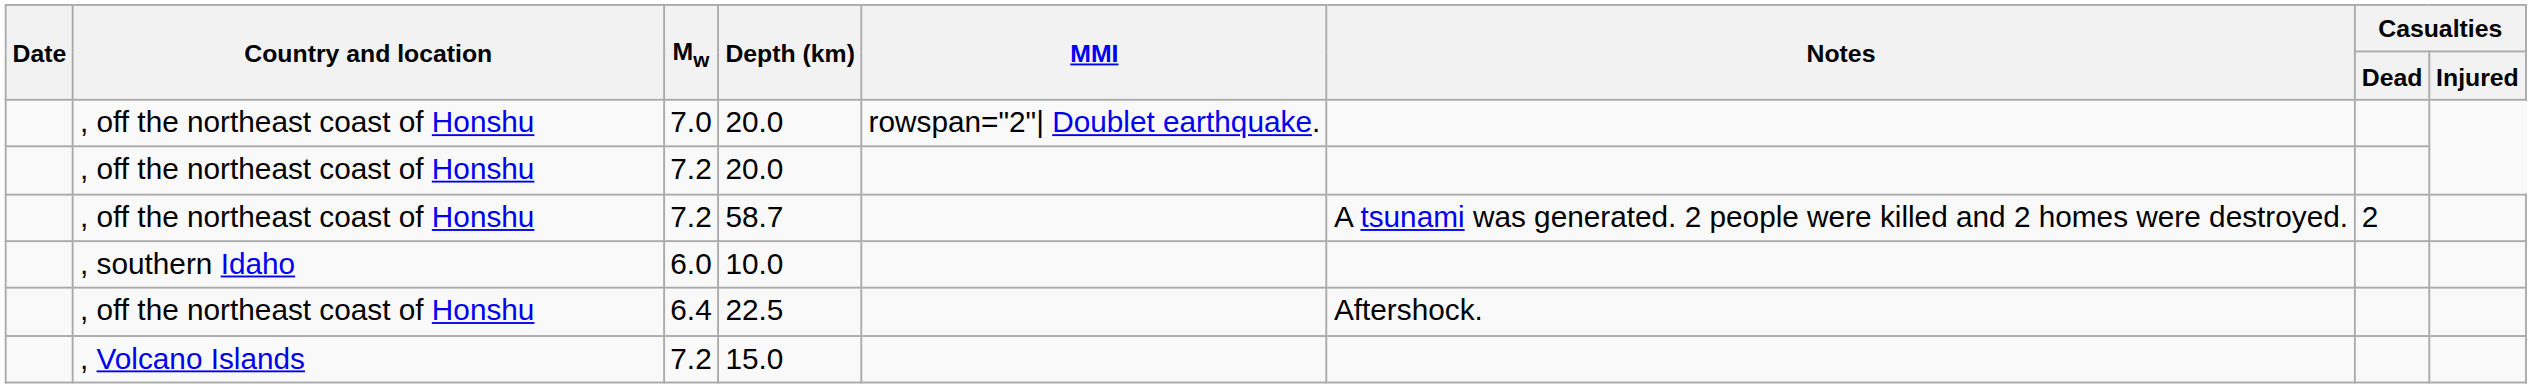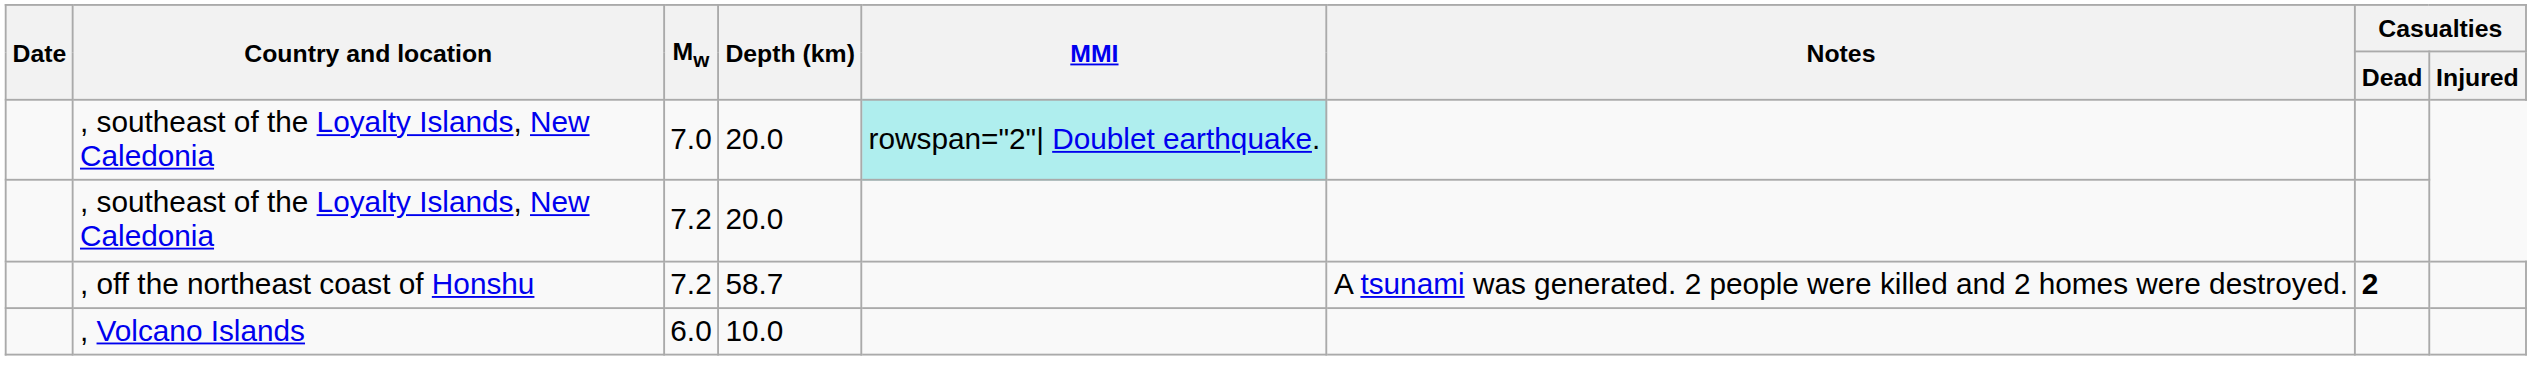 <table class="wikitable sortable sort-under" style="border:1px black; margin-left:1em;">
 <tr>
 <th rowspan="2"><small>Date</small></th>
 <th rowspan="2" style="width: 310px"><small>Country and location</small></th>
 <th rowspan="2"><small>M<sub>w</sub></small></th>
 <th rowspan="2"><small>Depth (km)</small></th>
 <th rowspan="2"><small><a href='#'>MMI</a></small></th>
 <th rowspan="2" class="unsortable"><small>Notes</small></th>
 <th colspan="2"><small>Casualties</small></th>
 </tr>
 <tr>
 <th><small>Dead</small></th>
 <th><small>Injured</small></th>
 </tr>
 <tr>
 <td></td>
-<td>, off the northeast coast of <a href='#'>Honshu</a></td>
+<td>, southeast of the <a href='#'>Loyalty Islands</a>, <a href='#'>New Caledonia</a></td>
 <td>7.0</td>
 <td>20.0</td>
-<td>rowspan="2"| <a href='#'>Doublet earthquake</a>.</td>
+<td style="background: paleturquoise;">rowspan="2"| <a href='#'>Doublet earthquake</a>.</td>
 <td></td>
 <td></td>
 </tr>
 <tr>
 <td></td>
-<td>, off the northeast coast of <a href='#'>Honshu</a></td>
+<td>, southeast of the <a href='#'>Loyalty Islands</a>, <a href='#'>New Caledonia</a></td>
 <td>7.2</td>
 <td>20.0</td>
 <td></td>
 <td></td>
 <td></td>
 </tr>
 <tr>
 <td></td>
 <td>, off the northeast coast of <a href='#'>Honshu</a></td>
 <td>7.2</td>
 <td>58.7</td>
 <td></td>
 <td>A <a href='#'>tsunami</a> was generated. 2 people were killed and 2 homes were destroyed.</td>
-<td>2</td>
+<td><strong>2</strong></td>
 <td></td>
 </tr>
 <tr>
 <td></td>
-<td>, southern <a href='#'>Idaho</a></td>
+<td>, <a href='#'>Volcano Islands</a></td>
 <td>6.0</td>
 <td>10.0</td>
 <td></td>
 <td></td>
 <td></td>
 <td></td>
 </tr>
-<tr>
-<td></td>
-<td>, off the northeast coast of <a href='#'>Honshu</a></td>
-<td>6.4</td>
-<td>22.5</td>
-<td></td>
-<td>Aftershock.</td>
-<td></td>
-<td></td>
-</tr>
-<tr>
-<td></td>
-<td>, <a href='#'>Volcano Islands</a></td>
-<td>7.2</td>
-<td>15.0</td>
-<td></td>
-<td></td>
-<td></td>
-<td></td>
-</tr>
 </table>
